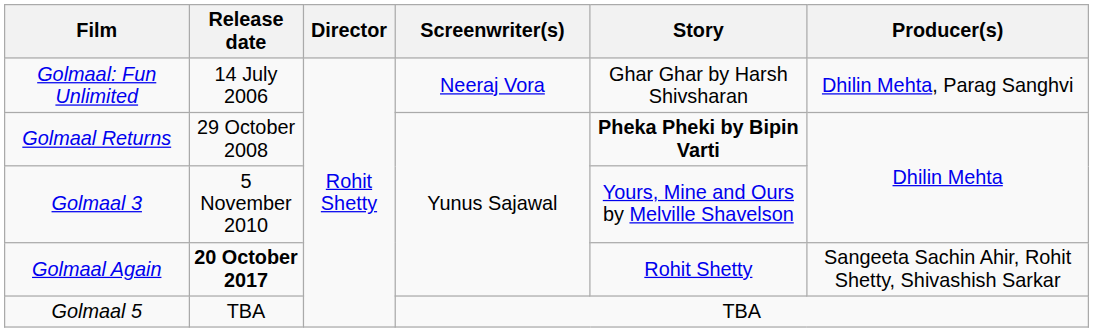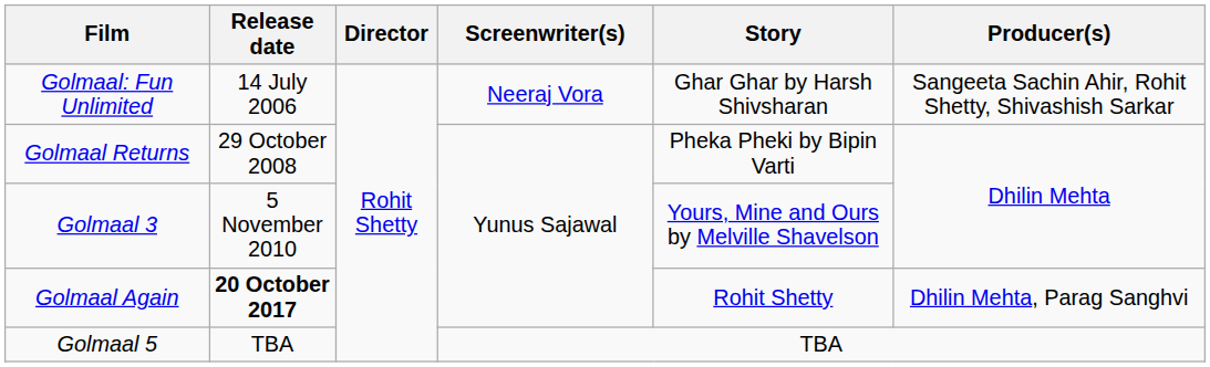 <table class="wikitable plainrowheaders" style="text-align:center; width:99%;">
 <tr>
 <th width="17%">Film</th>
 <th>Release date</th>
 <th>Director</th>
 <th width=18%>Screenwriter(s)</th>
 <th width=20%>Story</th>
 <th width=26%>Producer(s)</th>
 </tr>
 <tr>
 <td><em><a href='#'>Golmaal: Fun Unlimited</a></em></td>
 <td>14 July 2006</td>
 <td rowspan="5"><a href='#'>Rohit Shetty</a></td>
 <td><a href='#'>Neeraj Vora</a></td>
 <td>Ghar Ghar by Harsh Shivsharan</td>
-<td><a href='#'>Dhilin Mehta</a>, Parag Sanghvi</td>
+<td>Sangeeta Sachin Ahir, Rohit Shetty, Shivashish Sarkar</td>
 </tr>
 <tr>
 <td><em><a href='#'>Golmaal Returns</a></em></td>
 <td>29 October 2008</td>
 <td rowspan="3">Yunus Sajawal</td>
-<td><strong>Pheka Pheki by Bipin Varti</strong></td>
+<td>Pheka Pheki by Bipin Varti</td>
 <td rowspan=2><a href='#'>Dhilin Mehta</a></td>
 </tr>
 <tr>
 <td><em><a href='#'>Golmaal 3</a></em></td>
 <td>5 November 2010</td>
 <td><a href='#'>Yours, Mine and Ours</a> by <a href='#'>Melville Shavelson</a></td>
 </tr>
 <tr>
 <td><em><a href='#'>Golmaal Again</a></em></td>
 <td><strong>20 October 2017</strong></td>
 <td rowspan="1"><a href='#'>Rohit Shetty</a></td>
-<td>Sangeeta Sachin Ahir, Rohit Shetty, Shivashish Sarkar</td>
+<td><a href='#'>Dhilin Mehta</a>, Parag Sanghvi</td>
 </tr>
 <tr>
 <td><em>Golmaal 5</em></td>
 <td>TBA</td>
 <td colspan="3">TBA</td>
 </tr>
 </table>
